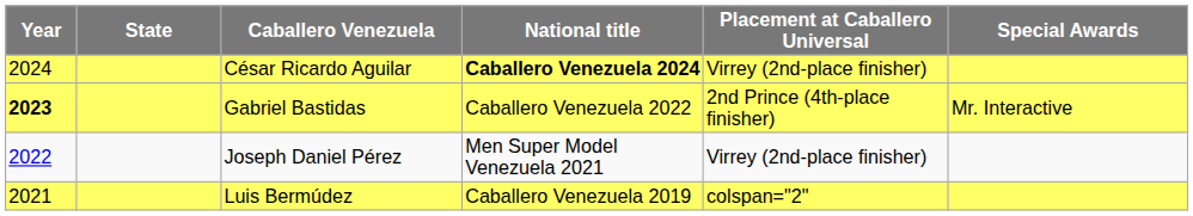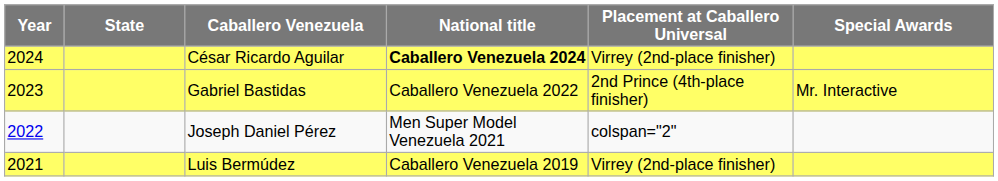 <table class="sortable" border="5" cellpadding="2" cellspacing="0" align=" 0 1em 0 0" style="background: #f9f9f9; border: 1px #aaa solid; border-collapse: collapse; font-size: 90%">
 <tr>
 <th width="60" style="background-color:#787878;color:#FFFFFF;">Year</th>
 <th width="150" style="background-color:#787878;color:#FFFFFF;">State</th>
 <th width="250" style="background-color:#787878;color:#FFFFFF;">Caballero Venezuela</th>
 <th width="250" style="background-color:#787878;color:#FFFFFF;">National title</th>
 <th width="250" style="background-color:#787878;color:#FFFFFF;">Placement at Caballero Universal</th>
 <th width="250" style="background-color:#787878;color:#FFFFFF;">Special Awards</th>
 </tr>
 <tr bgcolor="#FFFF66">
 <td>2024</td>
 <td></td>
 <td>César Ricardo Aguilar</td>
 <td><strong>Caballero Venezuela 2024</strong></td>
 <td>Virrey (2nd-place finisher)</td>
 <td></td>
 </tr>
 <tr bgcolor="#FFFF66">
-<td><strong>2023</strong></td>
+<td>2023</td>
 <td></td>
 <td>Gabriel Bastidas</td>
 <td>Caballero Venezuela 2022</td>
 <td>2nd Prince (4th-place finisher)</td>
 <td>Mr. Interactive</td>
 </tr>
 <tr>
 <td><a href='#'>2022</a></td>
 <td></td>
 <td>Joseph Daniel Pérez</td>
 <td>Men Super Model Venezuela 2021</td>
-<td>Virrey (2nd-place finisher)</td>
+<td>colspan="2" </td>
 </tr>
 <tr bgcolor="#FFFF66">
 <td>2021</td>
 <td></td>
 <td>Luis Bermúdez</td>
 <td>Caballero Venezuela 2019</td>
-<td>colspan="2" </td>
+<td>Virrey (2nd-place finisher)</td>
 <td></td>
 </tr>
 </table>
